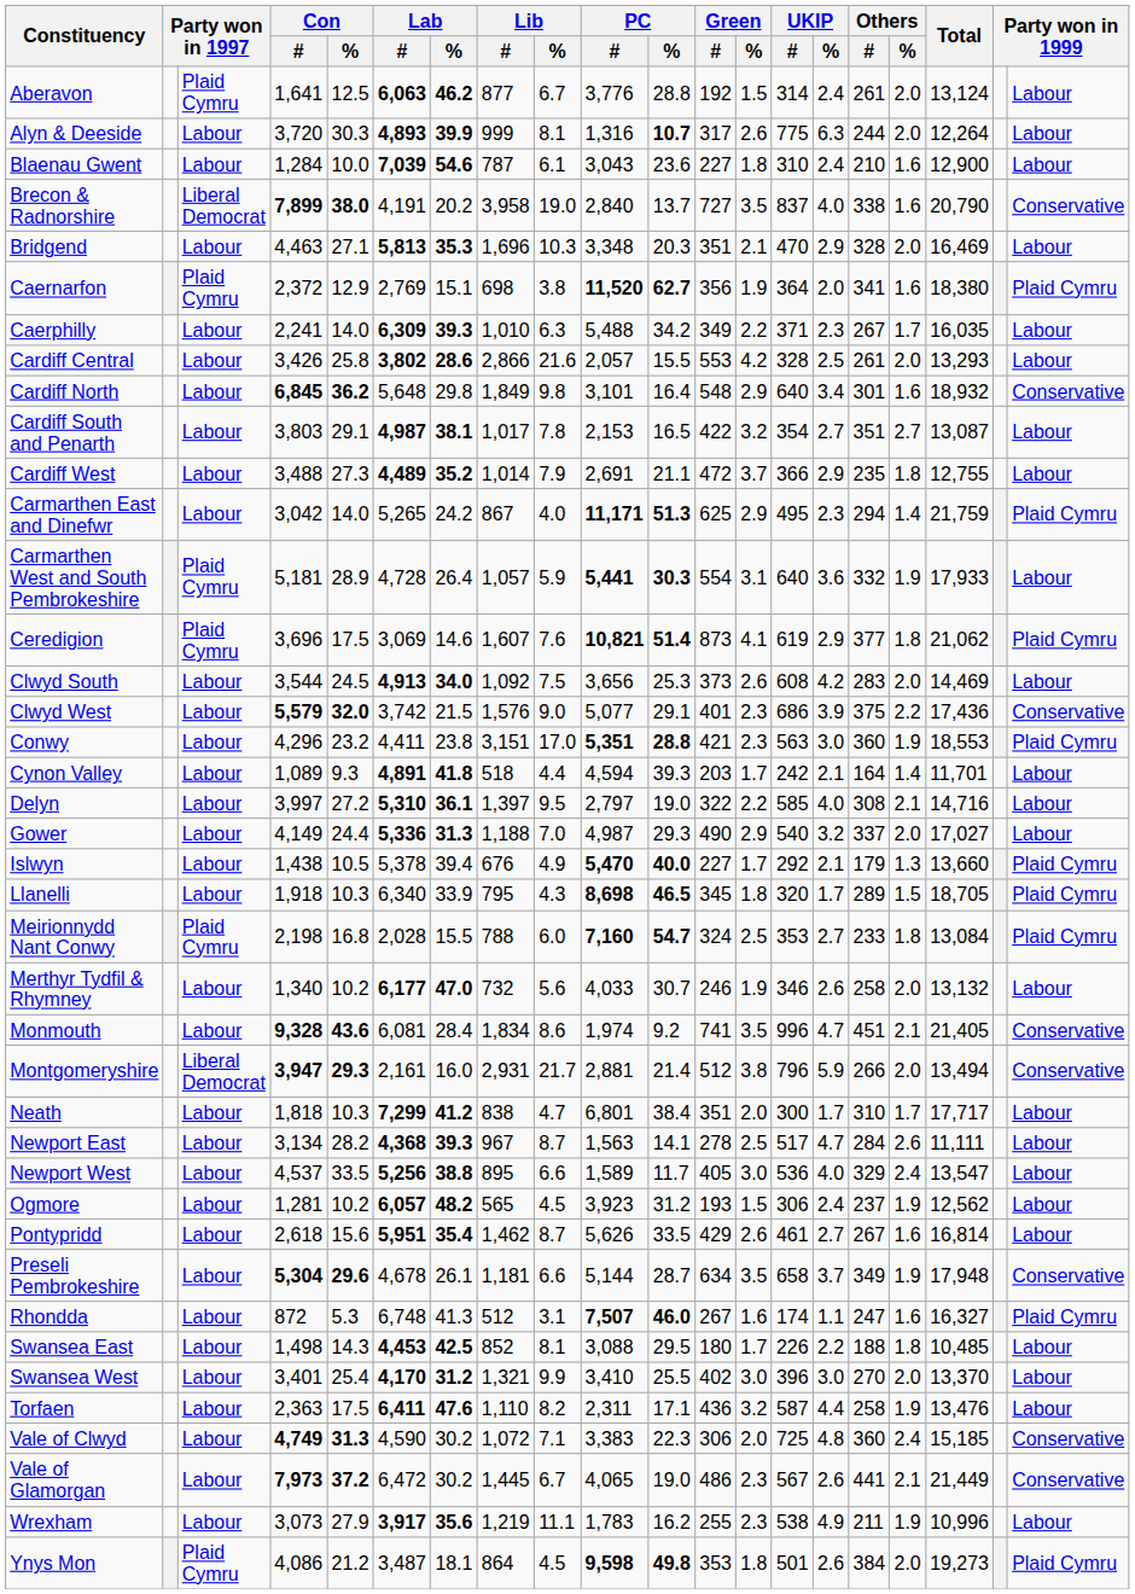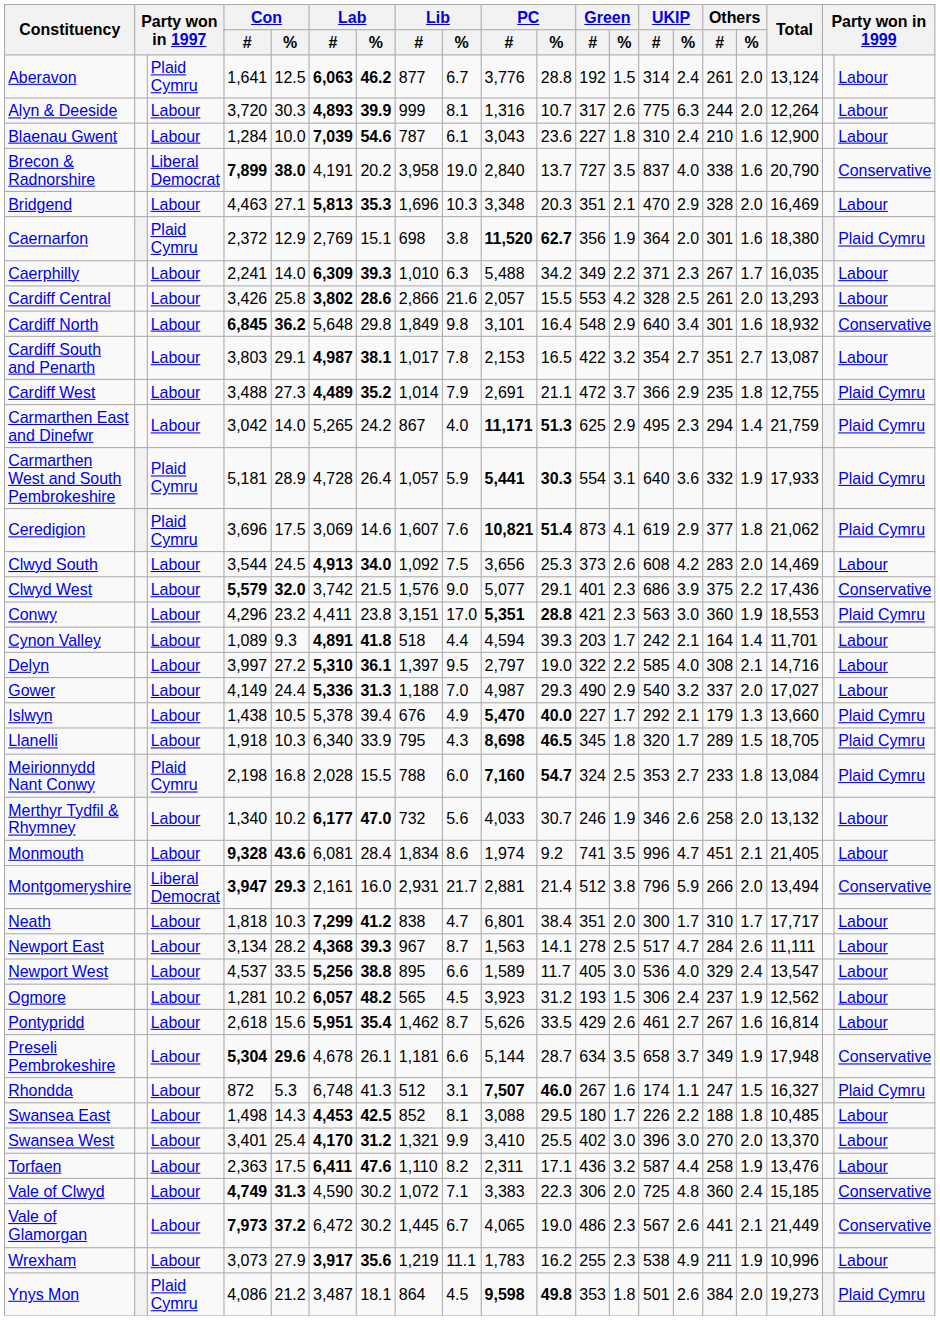 <table class="wikitable sortable" style="font-size: 95%;">
 <tr>
 <th rowspan="2">Constituency</th>
 <th colspan="2" rowspan="2">Party won in <a href='#'>1997</a></th>
 <th colspan="2"><a href='#'>Con</a></th>
 <th colspan="2"><a href='#'>Lab</a></th>
 <th colspan="2"><a href='#'>Lib</a></th>
 <th colspan="2"><a href='#'>PC</a></th>
 <th colspan="2"><a href='#'>Green</a></th>
 <th colspan="2"><a href='#'>UKIP</a></th>
 <th colspan="2">Others</th>
 <th rowspan="2">Total</th>
 <th colspan="2" rowspan="2">Party won in <a href='#'>1999</a></th>
 </tr>
 <tr>
 <th>#</th>
 <th>%</th>
 <th>#</th>
 <th>%</th>
 <th>#</th>
 <th>%</th>
 <th>#</th>
 <th>%</th>
 <th>#</th>
 <th>%</th>
 <th>#</th>
 <th>%</th>
 <th>#</th>
 <th>%</th>
 </tr>
 <tr>
 <td><a href='#'>Aberavon</a></td>
 <td style="color:inherit;background:"> </td>
 <td><a href='#'>Plaid Cymru</a></td>
 <td>1,641</td>
 <td>12.5</td>
 <td><strong>6,063</strong></td>
 <td><strong>46.2</strong></td>
 <td>877</td>
 <td>6.7</td>
 <td>3,776</td>
 <td>28.8</td>
 <td>192</td>
 <td>1.5</td>
 <td>314</td>
 <td>2.4</td>
 <td>261</td>
 <td>2.0</td>
 <td>13,124</td>
 <td style="color:inherit;background:"> </td>
 <td><a href='#'>Labour</a></td>
 </tr>
 <tr>
 <td><a href='#'>Alyn & Deeside</a></td>
 <td style="color:inherit;background:"> </td>
 <td><a href='#'>Labour</a></td>
 <td>3,720</td>
 <td>30.3</td>
 <td><strong>4,893</strong></td>
 <td><strong>39.9</strong></td>
 <td>999</td>
 <td>8.1</td>
 <td>1,316</td>
-<td><strong>10.7</strong></td>
+<td>10.7</td>
 <td>317</td>
 <td>2.6</td>
 <td>775</td>
 <td>6.3</td>
 <td>244</td>
 <td>2.0</td>
 <td>12,264</td>
 <td style="color:inherit;background:"> </td>
 <td><a href='#'>Labour</a></td>
 </tr>
 <tr>
 <td><a href='#'>Blaenau Gwent</a></td>
 <td style="color:inherit;background:"> </td>
 <td><a href='#'>Labour</a></td>
 <td>1,284</td>
 <td>10.0</td>
 <td><strong>7,039</strong></td>
 <td><strong>54.6</strong></td>
 <td>787</td>
 <td>6.1</td>
 <td>3,043</td>
 <td>23.6</td>
 <td>227</td>
 <td>1.8</td>
 <td>310</td>
 <td>2.4</td>
 <td>210</td>
 <td>1.6</td>
 <td>12,900</td>
 <td style="color:inherit;background:"> </td>
 <td><a href='#'>Labour</a></td>
 </tr>
 <tr>
 <td><a href='#'>Brecon & Radnorshire</a></td>
 <td style="color:inherit;background:"></td>
 <td><a href='#'>Liberal Democrat</a></td>
 <td><strong>7,899</strong></td>
 <td><strong>38.0</strong></td>
 <td>4,191</td>
 <td>20.2</td>
 <td>3,958</td>
 <td>19.0</td>
 <td>2,840</td>
 <td>13.7</td>
 <td>727</td>
 <td>3.5</td>
 <td>837</td>
 <td>4.0</td>
 <td>338</td>
 <td>1.6</td>
 <td>20,790</td>
 <td style="color:inherit;background:"> </td>
 <td><a href='#'>Conservative</a></td>
 </tr>
 <tr>
 <td><a href='#'>Bridgend</a></td>
 <td style="color:inherit;background:"> </td>
 <td><a href='#'>Labour</a></td>
 <td>4,463</td>
 <td>27.1</td>
 <td><strong>5,813</strong></td>
 <td><strong>35.3</strong></td>
 <td>1,696</td>
 <td>10.3</td>
 <td>3,348</td>
 <td>20.3</td>
 <td>351</td>
 <td>2.1</td>
 <td>470</td>
 <td>2.9</td>
 <td>328</td>
 <td>2.0</td>
 <td>16,469</td>
 <td style="color:inherit;background:"> </td>
 <td><a href='#'>Labour</a></td>
 </tr>
 <tr>
 <td><a href='#'>Caernarfon</a></td>
 <th class="unsortable" style="background-color: "></th>
 <td><a href='#'>Plaid Cymru</a></td>
 <td>2,372</td>
 <td>12.9</td>
 <td>2,769</td>
 <td>15.1</td>
 <td>698</td>
 <td>3.8</td>
 <td><strong>11,520</strong></td>
 <td><strong>62.7</strong></td>
 <td>356</td>
 <td>1.9</td>
 <td>364</td>
 <td>2.0</td>
-<td>341</td>
+<td>301</td>
 <td>1.6</td>
 <td>18,380</td>
 <th class="unsortable" style="background-color: "></th>
 <td><a href='#'>Plaid Cymru</a></td>
 </tr>
 <tr>
 <td><a href='#'>Caerphilly</a></td>
 <td style="color:inherit;background:"> </td>
 <td><a href='#'>Labour</a></td>
 <td>2,241</td>
 <td>14.0</td>
 <td><strong>6,309</strong></td>
 <td><strong>39.3</strong></td>
 <td>1,010</td>
 <td>6.3</td>
 <td>5,488</td>
 <td>34.2</td>
 <td>349</td>
 <td>2.2</td>
 <td>371</td>
 <td>2.3</td>
 <td>267</td>
 <td>1.7</td>
 <td>16,035</td>
 <td style="color:inherit;background:"> </td>
 <td><a href='#'>Labour</a></td>
 </tr>
 <tr>
 <td><a href='#'>Cardiff Central</a></td>
 <td style="color:inherit;background:"> </td>
 <td><a href='#'>Labour</a></td>
 <td>3,426</td>
 <td>25.8</td>
 <td><strong>3,802</strong></td>
 <td><strong>28.6</strong></td>
 <td>2,866</td>
 <td>21.6</td>
 <td>2,057</td>
 <td>15.5</td>
 <td>553</td>
 <td>4.2</td>
 <td>328</td>
 <td>2.5</td>
 <td>261</td>
 <td>2.0</td>
 <td>13,293</td>
 <td style="color:inherit;background:"> </td>
 <td><a href='#'>Labour</a></td>
 </tr>
 <tr>
 <td><a href='#'>Cardiff North</a></td>
 <td style="color:inherit;background:"> </td>
 <td><a href='#'>Labour</a></td>
 <td><strong>6,845</strong></td>
 <td><strong>36.2</strong></td>
 <td>5,648</td>
 <td>29.8</td>
 <td>1,849</td>
 <td>9.8</td>
 <td>3,101</td>
 <td>16.4</td>
 <td>548</td>
 <td>2.9</td>
 <td>640</td>
 <td>3.4</td>
 <td>301</td>
 <td>1.6</td>
 <td>18,932</td>
 <td style="color:inherit;background:"> </td>
 <td><a href='#'>Conservative</a></td>
 </tr>
 <tr>
 <td><a href='#'>Cardiff South and Penarth</a></td>
 <td style="color:inherit;background:"> </td>
 <td><a href='#'>Labour</a></td>
 <td>3,803</td>
 <td>29.1</td>
 <td><strong>4,987</strong></td>
 <td><strong>38.1</strong></td>
 <td>1,017</td>
 <td>7.8</td>
 <td>2,153</td>
 <td>16.5</td>
 <td>422</td>
 <td>3.2</td>
 <td>354</td>
 <td>2.7</td>
 <td>351</td>
 <td>2.7</td>
 <td>13,087</td>
 <td style="color:inherit;background:"> </td>
 <td><a href='#'>Labour</a></td>
 </tr>
 <tr>
 <td><a href='#'>Cardiff West</a></td>
 <td style="color:inherit;background:"> </td>
 <td><a href='#'>Labour</a></td>
 <td>3,488</td>
 <td>27.3</td>
 <td><strong>4,489</strong></td>
 <td><strong>35.2</strong></td>
 <td>1,014</td>
 <td>7.9</td>
 <td>2,691</td>
 <td>21.1</td>
 <td>472</td>
 <td>3.7</td>
 <td>366</td>
 <td>2.9</td>
 <td>235</td>
 <td>1.8</td>
 <td>12,755</td>
 <td style="color:inherit;background:"> </td>
-<td><a href='#'>Labour</a></td>
+<td><a href='#'>Plaid Cymru</a></td>
 </tr>
 <tr>
 <td><a href='#'>Carmarthen East and Dinefwr</a></td>
 <td style="color:inherit;background:"> </td>
 <td><a href='#'>Labour</a></td>
 <td>3,042</td>
 <td>14.0</td>
 <td>5,265</td>
 <td>24.2</td>
 <td>867</td>
 <td>4.0</td>
 <td><strong>11,171</strong></td>
 <td><strong>51.3</strong></td>
 <td>625</td>
 <td>2.9</td>
 <td>495</td>
 <td>2.3</td>
 <td>294</td>
 <td>1.4</td>
 <td>21,759</td>
 <th class="unsortable" style="background-color: "></th>
 <td><a href='#'>Plaid Cymru</a></td>
 </tr>
 <tr>
 <td><a href='#'>Carmarthen West and South Pembrokeshire</a></td>
 <th class="unsortable" style="background-color: "></th>
 <td><a href='#'>Plaid Cymru</a></td>
 <td>5,181</td>
 <td>28.9</td>
 <td>4,728</td>
 <td>26.4</td>
 <td>1,057</td>
 <td>5.9</td>
 <td><strong>5,441</strong></td>
 <td><strong>30.3</strong></td>
 <td>554</td>
 <td>3.1</td>
 <td>640</td>
 <td>3.6</td>
 <td>332</td>
 <td>1.9</td>
 <td>17,933</td>
 <th class="unsortable" style="background-color: "></th>
-<td><a href='#'>Labour</a></td>
+<td><a href='#'>Plaid Cymru</a></td>
 </tr>
 <tr>
 <td><a href='#'>Ceredigion</a></td>
 <th class="unsortable" style="background-color: "></th>
 <td><a href='#'>Plaid Cymru</a></td>
 <td>3,696</td>
 <td>17.5</td>
 <td>3,069</td>
 <td>14.6</td>
 <td>1,607</td>
 <td>7.6</td>
 <td><strong>10,821</strong></td>
 <td><strong>51.4</strong></td>
 <td>873</td>
 <td>4.1</td>
 <td>619</td>
 <td>2.9</td>
 <td>377</td>
 <td>1.8</td>
 <td>21,062</td>
 <th class="unsortable" style="background-color: "></th>
 <td><a href='#'>Plaid Cymru</a></td>
 </tr>
 <tr>
 <td><a href='#'>Clwyd South</a></td>
 <td style="color:inherit;background:"> </td>
 <td><a href='#'>Labour</a></td>
 <td>3,544</td>
 <td>24.5</td>
 <td><strong>4,913</strong></td>
 <td><strong>34.0</strong></td>
 <td>1,092</td>
 <td>7.5</td>
 <td>3,656</td>
 <td>25.3</td>
 <td>373</td>
 <td>2.6</td>
 <td>608</td>
 <td>4.2</td>
 <td>283</td>
 <td>2.0</td>
 <td>14,469</td>
 <td style="color:inherit;background:"> </td>
 <td><a href='#'>Labour</a></td>
 </tr>
 <tr>
 <td><a href='#'>Clwyd West</a></td>
 <td style="color:inherit;background:"> </td>
 <td><a href='#'>Labour</a></td>
 <td><strong>5,579</strong></td>
 <td><strong>32.0</strong></td>
 <td>3,742</td>
 <td>21.5</td>
 <td>1,576</td>
 <td>9.0</td>
 <td>5,077</td>
 <td>29.1</td>
 <td>401</td>
 <td>2.3</td>
 <td>686</td>
 <td>3.9</td>
 <td>375</td>
 <td>2.2</td>
 <td>17,436</td>
 <td style="color:inherit;background:"> </td>
 <td><a href='#'>Conservative</a></td>
 </tr>
 <tr>
 <td><a href='#'>Conwy</a></td>
 <td style="color:inherit;background:"> </td>
 <td><a href='#'>Labour</a></td>
 <td>4,296</td>
 <td>23.2</td>
 <td>4,411</td>
 <td>23.8</td>
 <td>3,151</td>
 <td>17.0</td>
 <td><strong>5,351</strong></td>
 <td><strong>28.8</strong></td>
 <td>421</td>
 <td>2.3</td>
 <td>563</td>
 <td>3.0</td>
 <td>360</td>
 <td>1.9</td>
 <td>18,553</td>
 <th class="unsortable" style="background-color: "></th>
 <td><a href='#'>Plaid Cymru</a></td>
 </tr>
 <tr>
 <td><a href='#'>Cynon Valley</a></td>
 <td style="color:inherit;background:"> </td>
 <td><a href='#'>Labour</a></td>
 <td>1,089</td>
 <td>9.3</td>
 <td><strong>4,891</strong></td>
 <td><strong>41.8</strong></td>
 <td>518</td>
 <td>4.4</td>
 <td>4,594</td>
 <td>39.3</td>
 <td>203</td>
 <td>1.7</td>
 <td>242</td>
 <td>2.1</td>
 <td>164</td>
 <td>1.4</td>
 <td>11,701</td>
 <td style="color:inherit;background:"> </td>
 <td><a href='#'>Labour</a></td>
 </tr>
 <tr>
 <td><a href='#'>Delyn</a></td>
 <td style="color:inherit;background:"> </td>
 <td><a href='#'>Labour</a></td>
 <td>3,997</td>
 <td>27.2</td>
 <td><strong>5,310</strong></td>
 <td><strong>36.1</strong></td>
 <td>1,397</td>
 <td>9.5</td>
 <td>2,797</td>
 <td>19.0</td>
 <td>322</td>
 <td>2.2</td>
 <td>585</td>
 <td>4.0</td>
 <td>308</td>
 <td>2.1</td>
 <td>14,716</td>
 <td style="color:inherit;background:"> </td>
 <td><a href='#'>Labour</a></td>
 </tr>
 <tr>
 <td><a href='#'>Gower</a></td>
 <td style="color:inherit;background:"> </td>
 <td><a href='#'>Labour</a></td>
 <td>4,149</td>
 <td>24.4</td>
 <td><strong>5,336</strong></td>
 <td><strong>31.3</strong></td>
 <td>1,188</td>
 <td>7.0</td>
 <td>4,987</td>
 <td>29.3</td>
 <td>490</td>
 <td>2.9</td>
 <td>540</td>
 <td>3.2</td>
 <td>337</td>
 <td>2.0</td>
 <td>17,027</td>
 <td style="color:inherit;background:"> </td>
 <td><a href='#'>Labour</a></td>
 </tr>
 <tr>
 <td><a href='#'>Islwyn</a></td>
 <td style="color:inherit;background:"> </td>
 <td><a href='#'>Labour</a></td>
 <td>1,438</td>
 <td>10.5</td>
 <td>5,378</td>
 <td>39.4</td>
 <td>676</td>
 <td>4.9</td>
 <td><strong>5,470</strong></td>
 <td><strong>40.0</strong></td>
 <td>227</td>
 <td>1.7</td>
 <td>292</td>
 <td>2.1</td>
 <td>179</td>
 <td>1.3</td>
 <td>13,660</td>
 <th class="unsortable" style="background-color: "></th>
 <td><a href='#'>Plaid Cymru</a></td>
 </tr>
 <tr>
 <td><a href='#'>Llanelli</a></td>
 <td style="color:inherit;background:"> </td>
 <td><a href='#'>Labour</a></td>
 <td>1,918</td>
 <td>10.3</td>
 <td>6,340</td>
 <td>33.9</td>
 <td>795</td>
 <td>4.3</td>
 <td><strong>8,698</strong></td>
 <td><strong>46.5</strong></td>
 <td>345</td>
 <td>1.8</td>
 <td>320</td>
 <td>1.7</td>
 <td>289</td>
 <td>1.5</td>
 <td>18,705</td>
 <th class="unsortable" style="background-color: "></th>
 <td><a href='#'>Plaid Cymru</a></td>
 </tr>
 <tr>
 <td><a href='#'>Meirionnydd Nant Conwy</a></td>
 <th class="unsortable" style="background-color: "></th>
 <td><a href='#'>Plaid Cymru</a></td>
 <td>2,198</td>
 <td>16.8</td>
 <td>2,028</td>
 <td>15.5</td>
 <td>788</td>
 <td>6.0</td>
 <td><strong>7,160</strong></td>
 <td><strong>54.7</strong></td>
 <td>324</td>
 <td>2.5</td>
 <td>353</td>
 <td>2.7</td>
 <td>233</td>
 <td>1.8</td>
 <td>13,084</td>
 <th class="unsortable" style="background-color: "></th>
 <td><a href='#'>Plaid Cymru</a></td>
 </tr>
 <tr>
 <td><a href='#'>Merthyr Tydfil & Rhymney</a></td>
 <td style="color:inherit;background:"> </td>
 <td><a href='#'>Labour</a></td>
 <td>1,340</td>
 <td>10.2</td>
 <td><strong>6,177</strong></td>
 <td><strong>47.0</strong></td>
 <td>732</td>
 <td>5.6</td>
 <td>4,033</td>
 <td>30.7</td>
 <td>246</td>
 <td>1.9</td>
 <td>346</td>
 <td>2.6</td>
 <td>258</td>
 <td>2.0</td>
 <td>13,132</td>
 <td style="color:inherit;background:"> </td>
 <td><a href='#'>Labour</a></td>
 </tr>
 <tr>
 <td><a href='#'>Monmouth</a></td>
 <td style="color:inherit;background:"> </td>
 <td><a href='#'>Labour</a></td>
 <td><strong>9,328</strong></td>
 <td><strong>43.6</strong></td>
 <td>6,081</td>
 <td>28.4</td>
 <td>1,834</td>
 <td>8.6</td>
 <td>1,974</td>
 <td>9.2</td>
 <td>741</td>
 <td>3.5</td>
 <td>996</td>
 <td>4.7</td>
 <td>451</td>
 <td>2.1</td>
 <td>21,405</td>
 <td style="color:inherit;background:"> </td>
-<td><a href='#'>Conservative</a></td>
+<td><a href='#'>Labour</a></td>
 </tr>
 <tr>
 <td><a href='#'>Montgomeryshire</a></td>
 <td style="color:inherit;background:"></td>
 <td><a href='#'>Liberal Democrat</a></td>
 <td><strong>3,947</strong></td>
 <td><strong>29.3</strong></td>
 <td>2,161</td>
 <td>16.0</td>
 <td>2,931</td>
 <td>21.7</td>
 <td>2,881</td>
 <td>21.4</td>
 <td>512</td>
 <td>3.8</td>
 <td>796</td>
 <td>5.9</td>
 <td>266</td>
 <td>2.0</td>
 <td>13,494</td>
 <td style="color:inherit;background:"> </td>
 <td><a href='#'>Conservative</a></td>
 </tr>
 <tr>
 <td><a href='#'>Neath</a></td>
 <td style="color:inherit;background:"> </td>
 <td><a href='#'>Labour</a></td>
 <td>1,818</td>
 <td>10.3</td>
 <td><strong>7,299</strong></td>
 <td><strong>41.2</strong></td>
 <td>838</td>
 <td>4.7</td>
 <td>6,801</td>
 <td>38.4</td>
 <td>351</td>
 <td>2.0</td>
 <td>300</td>
 <td>1.7</td>
 <td>310</td>
 <td>1.7</td>
 <td>17,717</td>
 <td style="color:inherit;background:"> </td>
 <td><a href='#'>Labour</a></td>
 </tr>
 <tr>
 <td><a href='#'>Newport East</a></td>
 <td style="color:inherit;background:"> </td>
 <td><a href='#'>Labour</a></td>
 <td>3,134</td>
 <td>28.2</td>
 <td><strong>4,368</strong></td>
 <td><strong>39.3</strong></td>
 <td>967</td>
 <td>8.7</td>
 <td>1,563</td>
 <td>14.1</td>
 <td>278</td>
 <td>2.5</td>
 <td>517</td>
 <td>4.7</td>
 <td>284</td>
 <td>2.6</td>
 <td>11,111</td>
 <td style="color:inherit;background:"> </td>
 <td><a href='#'>Labour</a></td>
 </tr>
 <tr>
 <td><a href='#'>Newport West</a></td>
 <td style="color:inherit;background:"> </td>
 <td><a href='#'>Labour</a></td>
 <td>4,537</td>
 <td>33.5</td>
 <td><strong>5,256</strong></td>
 <td><strong>38.8</strong></td>
 <td>895</td>
 <td>6.6</td>
 <td>1,589</td>
 <td>11.7</td>
 <td>405</td>
 <td>3.0</td>
 <td>536</td>
 <td>4.0</td>
 <td>329</td>
 <td>2.4</td>
 <td>13,547</td>
 <td style="color:inherit;background:"> </td>
 <td><a href='#'>Labour</a></td>
 </tr>
 <tr>
 <td><a href='#'>Ogmore</a></td>
 <td style="color:inherit;background:"> </td>
 <td><a href='#'>Labour</a></td>
 <td>1,281</td>
 <td>10.2</td>
 <td><strong>6,057</strong></td>
 <td><strong>48.2</strong></td>
 <td>565</td>
 <td>4.5</td>
 <td>3,923</td>
 <td>31.2</td>
 <td>193</td>
 <td>1.5</td>
 <td>306</td>
 <td>2.4</td>
 <td>237</td>
 <td>1.9</td>
 <td>12,562</td>
 <td style="color:inherit;background:"> </td>
 <td><a href='#'>Labour</a></td>
 </tr>
 <tr>
 <td><a href='#'>Pontypridd</a></td>
 <td style="color:inherit;background:"> </td>
 <td><a href='#'>Labour</a></td>
 <td>2,618</td>
 <td>15.6</td>
 <td><strong>5,951</strong></td>
 <td><strong>35.4</strong></td>
 <td>1,462</td>
 <td>8.7</td>
 <td>5,626</td>
 <td>33.5</td>
 <td>429</td>
 <td>2.6</td>
 <td>461</td>
 <td>2.7</td>
 <td>267</td>
 <td>1.6</td>
 <td>16,814</td>
 <td style="color:inherit;background:"> </td>
 <td><a href='#'>Labour</a></td>
 </tr>
 <tr>
 <td><a href='#'>Preseli Pembrokeshire</a></td>
 <td style="color:inherit;background:"> </td>
 <td><a href='#'>Labour</a></td>
 <td><strong>5,304</strong></td>
 <td><strong>29.6</strong></td>
 <td>4,678</td>
 <td>26.1</td>
 <td>1,181</td>
 <td>6.6</td>
 <td>5,144</td>
 <td>28.7</td>
 <td>634</td>
 <td>3.5</td>
 <td>658</td>
 <td>3.7</td>
 <td>349</td>
 <td>1.9</td>
 <td>17,948</td>
 <td style="color:inherit;background:"> </td>
 <td><a href='#'>Conservative</a></td>
 </tr>
 <tr>
 <td><a href='#'>Rhondda</a></td>
 <td style="color:inherit;background:"> </td>
 <td><a href='#'>Labour</a></td>
 <td>872</td>
 <td>5.3</td>
 <td>6,748</td>
 <td>41.3</td>
 <td>512</td>
 <td>3.1</td>
 <td><strong>7,507</strong></td>
 <td><strong>46.0</strong></td>
 <td>267</td>
 <td>1.6</td>
 <td>174</td>
 <td>1.1</td>
 <td>247</td>
-<td>1.6</td>
+<td>1.5</td>
 <td>16,327</td>
 <th class="unsortable" style="background-color: "></th>
 <td><a href='#'>Plaid Cymru</a></td>
 </tr>
 <tr>
 <td><a href='#'>Swansea East</a></td>
 <td style="color:inherit;background:"> </td>
 <td><a href='#'>Labour</a></td>
 <td>1,498</td>
 <td>14.3</td>
 <td><strong>4,453</strong></td>
 <td><strong>42.5</strong></td>
 <td>852</td>
 <td>8.1</td>
 <td>3,088</td>
 <td>29.5</td>
 <td>180</td>
 <td>1.7</td>
 <td>226</td>
 <td>2.2</td>
 <td>188</td>
 <td>1.8</td>
 <td>10,485</td>
 <td style="color:inherit;background:"> </td>
 <td><a href='#'>Labour</a></td>
 </tr>
 <tr>
 <td><a href='#'>Swansea West</a></td>
 <td style="color:inherit;background:"> </td>
 <td><a href='#'>Labour</a></td>
 <td>3,401</td>
 <td>25.4</td>
 <td><strong>4,170</strong></td>
 <td><strong>31.2</strong></td>
 <td>1,321</td>
 <td>9.9</td>
 <td>3,410</td>
 <td>25.5</td>
 <td>402</td>
 <td>3.0</td>
 <td>396</td>
 <td>3.0</td>
 <td>270</td>
 <td>2.0</td>
 <td>13,370</td>
 <td style="color:inherit;background:"> </td>
 <td><a href='#'>Labour</a></td>
 </tr>
 <tr>
 <td><a href='#'>Torfaen</a></td>
 <td style="color:inherit;background:"> </td>
 <td><a href='#'>Labour</a></td>
 <td>2,363</td>
 <td>17.5</td>
 <td><strong>6,411</strong></td>
 <td><strong>47.6</strong></td>
 <td>1,110</td>
 <td>8.2</td>
 <td>2,311</td>
 <td>17.1</td>
 <td>436</td>
 <td>3.2</td>
 <td>587</td>
 <td>4.4</td>
 <td>258</td>
 <td>1.9</td>
 <td>13,476</td>
 <td style="color:inherit;background:"> </td>
 <td><a href='#'>Labour</a></td>
 </tr>
 <tr>
 <td><a href='#'>Vale of Clwyd</a></td>
 <td style="color:inherit;background:"> </td>
 <td><a href='#'>Labour</a></td>
 <td><strong>4,749</strong></td>
 <td><strong>31.3</strong></td>
 <td>4,590</td>
 <td>30.2</td>
 <td>1,072</td>
 <td>7.1</td>
 <td>3,383</td>
 <td>22.3</td>
 <td>306</td>
 <td>2.0</td>
 <td>725</td>
 <td>4.8</td>
 <td>360</td>
 <td>2.4</td>
 <td>15,185</td>
 <td style="color:inherit;background:"> </td>
 <td><a href='#'>Conservative</a></td>
 </tr>
 <tr>
 <td><a href='#'>Vale of Glamorgan</a></td>
 <td style="color:inherit;background:"> </td>
 <td><a href='#'>Labour</a></td>
 <td><strong>7,973</strong></td>
 <td><strong>37.2</strong></td>
 <td>6,472</td>
 <td>30.2</td>
 <td>1,445</td>
 <td>6.7</td>
 <td>4,065</td>
 <td>19.0</td>
 <td>486</td>
 <td>2.3</td>
 <td>567</td>
 <td>2.6</td>
 <td>441</td>
 <td>2.1</td>
 <td>21,449</td>
 <td style="color:inherit;background:"> </td>
 <td><a href='#'>Conservative</a></td>
 </tr>
 <tr>
 <td><a href='#'>Wrexham</a></td>
 <td style="color:inherit;background:"> </td>
 <td><a href='#'>Labour</a></td>
 <td>3,073</td>
 <td>27.9</td>
 <td><strong>3,917</strong></td>
 <td><strong>35.6</strong></td>
 <td>1,219</td>
 <td>11.1</td>
 <td>1,783</td>
 <td>16.2</td>
 <td>255</td>
 <td>2.3</td>
 <td>538</td>
 <td>4.9</td>
 <td>211</td>
 <td>1.9</td>
 <td>10,996</td>
 <td style="color:inherit;background:"> </td>
 <td><a href='#'>Labour</a></td>
 </tr>
 <tr>
 <td><a href='#'>Ynys Mon</a></td>
 <th class="unsortable" style="background-color: "></th>
 <td><a href='#'>Plaid Cymru</a></td>
 <td>4,086</td>
 <td>21.2</td>
 <td>3,487</td>
 <td>18.1</td>
 <td>864</td>
 <td>4.5</td>
 <td><strong>9,598</strong></td>
 <td><strong>49.8</strong></td>
 <td>353</td>
 <td>1.8</td>
 <td>501</td>
 <td>2.6</td>
 <td>384</td>
 <td>2.0</td>
 <td>19,273</td>
 <th class="unsortable" style="background-color: "></th>
 <td><a href='#'>Plaid Cymru</a></td>
 </tr>
 </table>
